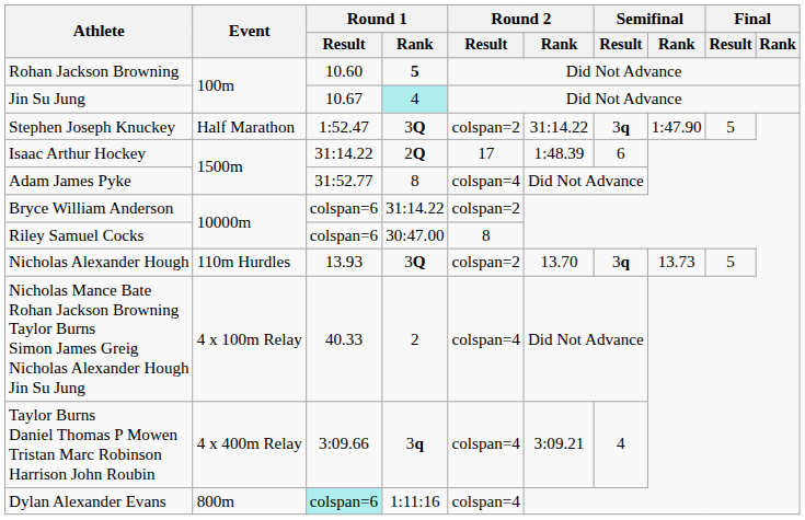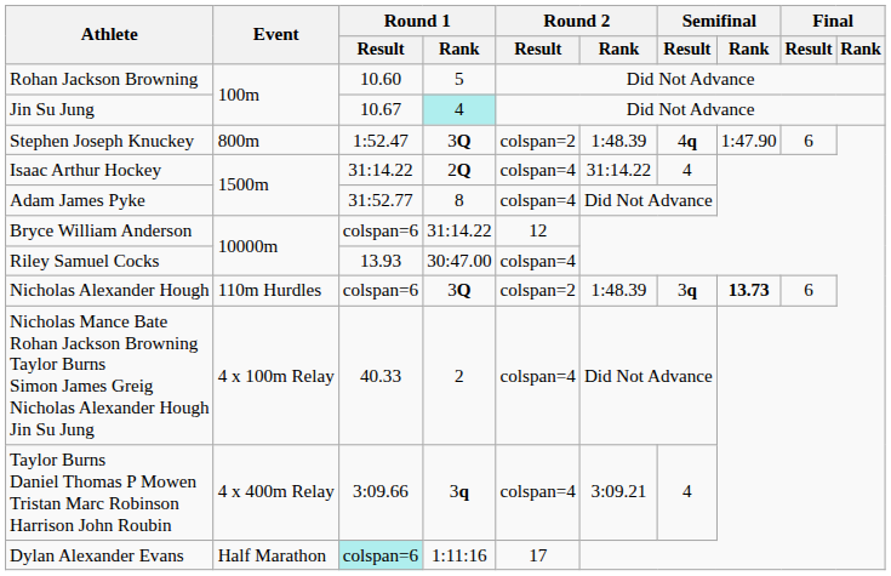 <table class="wikitable" style="font-size:90%">
 <tr>
 <th rowspan="2">Athlete</th>
 <th rowspan="2">Event</th>
 <th colspan="2">Round 1</th>
 <th colspan="2">Round 2</th>
 <th colspan="2">Semifinal</th>
 <th colspan="2">Final</th>
 </tr>
 <tr style="font-size:95%">
 <th>Result</th>
 <th>Rank</th>
 <th>Result</th>
 <th>Rank</th>
 <th>Result</th>
 <th>Rank</th>
 <th>Result</th>
 <th>Rank</th>
 </tr>
 <tr align=center>
 <td align=left>Rohan Jackson Browning</td>
 <td align=left rowspan=2>100m</td>
 <td>10.60</td>
-<td><strong>5</strong></td>
+<td>5</td>
 <td colspan=6>Did Not Advance</td>
 </tr>
 <tr align=center>
 <td align=left>Jin Su Jung</td>
 <td>10.67</td>
 <td style="background: paleturquoise;">4</td>
 <td colspan=6>Did Not Advance</td>
 </tr>
 <tr align=center>
 <td align=left>Stephen Joseph Knuckey</td>
-<td align=left>Half Marathon</td>
+<td align=left>800m</td>
 <td>1:52.47</td>
 <td>3<strong>Q</strong></td>
 <td>colspan=2 </td>
-<td>31:14.22</td>
-<td>3<strong>q</strong></td>
+<td>1:48.39</td>
+<td>4<strong>q</strong></td>
 <td>1:47.90</td>
-<td>5</td>
+<td>6</td>
 </tr>
 <tr align=center>
 <td align=left>Isaac Arthur Hockey</td>
 <td align=left rowspan=2>1500m</td>
 <td>31:14.22</td>
 <td>2<strong>Q</strong></td>
-<td>17</td>
-<td>1:48.39</td>
-<td>6</td>
+<td>colspan=4 </td>
+<td>31:14.22</td>
+<td>4</td>
 </tr>
 <tr align=center>
 <td align=left>Adam James Pyke</td>
 <td>31:52.77</td>
 <td>8</td>
 <td>colspan=4 </td>
 <td colspan=2>Did Not Advance</td>
 </tr>
 <tr align=center>
 <td align=left>Bryce William Anderson</td>
 <td align=left rowspan=2>10000m</td>
 <td>colspan=6 </td>
 <td>31:14.22</td>
-<td>colspan=2 </td>
+<td>12</td>
 </tr>
 <tr align=center>
 <td align=left>Riley Samuel Cocks</td>
-<td>colspan=6 </td>
+<td>13.93</td>
 <td>30:47.00</td>
-<td>8</td>
+<td>colspan=4 </td>
 </tr>
 <tr align=center>
 <td align=left>Nicholas Alexander Hough</td>
 <td align=left>110m Hurdles</td>
-<td>13.93</td>
+<td>colspan=6 </td>
 <td>3<strong>Q</strong></td>
 <td>colspan=2 </td>
-<td>13.70</td>
+<td>1:48.39</td>
 <td>3<strong>q</strong></td>
-<td>13.73</td>
-<td>5</td>
+<td><strong>13.73</strong></td>
+<td>6</td>
 </tr>
 <tr align=center>
 <td align=left>Nicholas Mance Bate<br>Rohan Jackson Browning<br>Taylor Burns<br>Simon James Greig<br>Nicholas Alexander Hough<br>Jin Su Jung</td>
 <td align=left>4 x 100m Relay</td>
 <td>40.33</td>
 <td>2</td>
 <td>colspan=4 </td>
 <td colspan=2>Did Not Advance</td>
 </tr>
 <tr align=center>
 <td align=left>Taylor Burns<br>Daniel Thomas P Mowen<br>Tristan Marc Robinson<br>Harrison John Roubin</td>
 <td align=left>4 x 400m Relay</td>
 <td>3:09.66</td>
 <td>3<strong>q</strong></td>
 <td>colspan=4 </td>
 <td>3:09.21</td>
 <td>4</td>
 </tr>
 <tr align=center>
 <td align=left>Dylan Alexander Evans</td>
-<td align=left>800m</td>
+<td align=left>Half Marathon</td>
 <td style="background: paleturquoise;">colspan=6 </td>
 <td>1:11:16</td>
-<td>colspan=4 </td>
+<td>17</td>
 </tr>
 </table>
